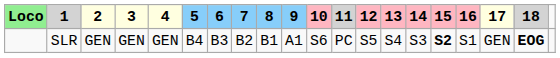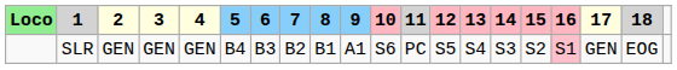 <table class="wikitable plainrowheaders unsortable" style="text-align:center">
 <tr>
 <th scope="col" rowspan="1" style="background:lightgreen;">Loco</th>
 <th scope="col" rowspan="1" style="background:lightgrey;">1</th>
 <th scope="col" rowspan="1" style="background:lightyellow;">2</th>
 <th scope="col" rowspan="1" style="background:lightyellow;">3</th>
 <th scope="col" rowspan="1" style="background:lightyellow;">4</th>
 <th scope="col" rowspan="1" style="background:lightskyblue;">5</th>
 <th scope="col" rowspan="1" style="background:lightskyblue;">6</th>
 <th scope="col" rowspan="1" style="background:lightskyblue;">7</th>
 <th scope="col" rowspan="1" style="background:lightskyblue;">8</th>
 <th scope="col" rowspan="1" style="background:lightskyblue;">9</th>
 <th scope="col" rowspan="1" style="background:lightpink;">10</th>
 <th scope="col" rowspan="1" style="background:lightgrey;">11</th>
 <th scope="col" rowspan="1" style="background:lightpink;">12</th>
 <th scope="col" rowspan="1" style="background:lightpink;">13</th>
 <th scope="col" rowspan="1" style="background:lightpink;">14</th>
 <th scope="col" rowspan="1" style="background:lightpink;">15</th>
 <th scope="col" rowspan="1" style="background:lightpink;">16</th>
 <th scope="col" rowspan="1" style="background:lightyellow;">17</th>
 <th scope="col" rowspan="1" style="background:lightgrey;">18</th>
 </tr>
 <tr>
 <td></td>
 <td>SLR</td>
 <td>GEN</td>
 <td>GEN</td>
 <td>GEN</td>
 <td>B4</td>
 <td>B3</td>
 <td>B2</td>
 <td>B1</td>
 <td>A1</td>
 <td>S6</td>
 <td>PC</td>
 <td>S5</td>
 <td>S4</td>
 <td>S3</td>
-<td><strong>S2</strong></td>
-<td>S1</td>
+<td>S2</td>
+<td style="background: pink;">S1</td>
 <td>GEN</td>
-<td><strong>EOG</strong></td>
+<td>EOG</td>
 <td></td>
 </tr>
 </table>
